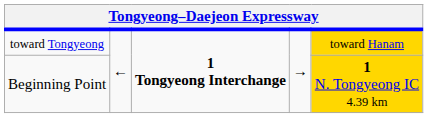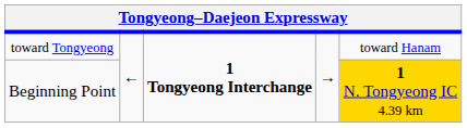 <table class="wikitable" style="text-align: center;">
 <tr style="border-bottom:solid 0.25em blue;">
 <th colspan="5"> <a href='#'>Tongyeong–Daejeon Expressway</a></th>
 </tr>
 <tr>
 <td><small>toward <a href='#'>Tongyeong</a></small></td>
 <td rowspan="2">←</td>
 <td rowspan="2"><strong>1</strong><br><strong>Tongyeong Interchange</strong></td>
 <td rowspan="2">→</td>
-<td style="background: gold;"><small>toward <a href='#'>Hanam</a></small></td>
+<td><small>toward <a href='#'>Hanam</a></small></td>
 </tr>
 <tr>
 <td>Beginning Point</td>
 <td style="background: gold;"><strong>1</strong><br><a href='#'>N. Tongyeong IC</a><br><small>4.39 km</small></td>
 </tr>
 </table>
